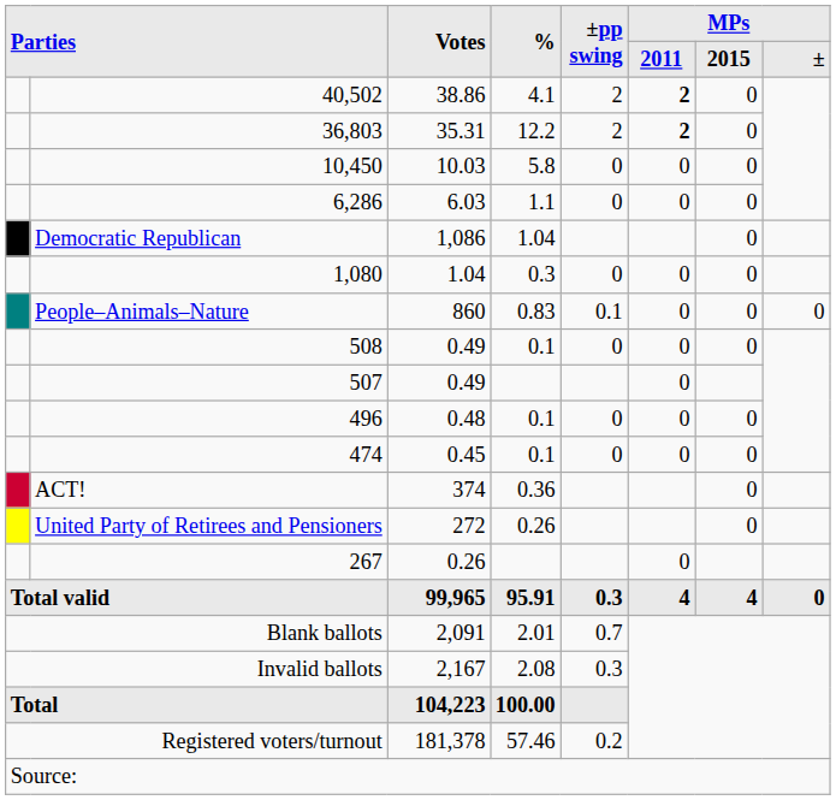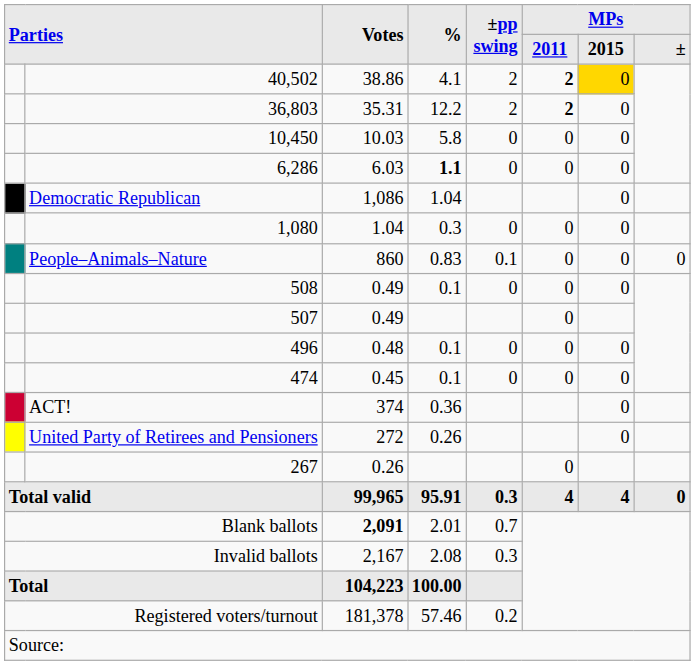 <table class="wikitable" style="text-align:right; font-size:95%;">
 <tr>
 <th rowspan="2" colspan="2" style="background:#e9e9e9; text-align:left;" alignleft><a href='#'>Parties</a></th>
 <th rowspan="2" style="background:#e9e9e9; text-align:right;">Votes</th>
 <th rowspan="2" style="background:#e9e9e9; text-align:right;">%</th>
 <th rowspan="2" style="background:#e9e9e9; text-align:right;">±<a href='#'>pp</a> <a href='#'>swing</a></th>
 <th colspan="3" style="background:#e9e9e9; text-align:center;"><a href='#'>MPs</a></th>
 </tr>
 <tr style="background-color:#E9E9E9">
 <th style="background-color:#E9E9E9;text-align:center;"><a href='#'>2011</a></th>
 <th style="background-color:#E9E9E9;text-align:center;">2015</th>
 <th style="background:#e9e9e9; text-align:right;">±</th>
 </tr>
 <tr>
 <td></td>
 <td>40,502</td>
 <td>38.86</td>
 <td>4.1</td>
 <td>2</td>
 <td><strong>2</strong></td>
-<td>0</td>
+<td style="background: gold;">0</td>
 </tr>
 <tr>
 <td> </td>
 <td>36,803</td>
 <td>35.31</td>
 <td>12.2</td>
 <td>2</td>
 <td><strong>2</strong></td>
 <td>0</td>
 </tr>
 <tr>
 <td></td>
 <td>10,450</td>
 <td>10.03</td>
 <td>5.8</td>
 <td>0</td>
 <td>0</td>
 <td>0</td>
 </tr>
 <tr>
 <td></td>
 <td>6,286</td>
 <td>6.03</td>
-<td>1.1</td>
+<td><strong>1.1</strong></td>
 <td>0</td>
 <td>0</td>
 <td>0</td>
 </tr>
 <tr>
 <td style="width: 10px" bgcolor=black align="center"></td>
 <td align=left><a href='#'>Democratic Republican</a></td>
 <td>1,086</td>
 <td>1.04</td>
 <td></td>
 <td></td>
 <td>0</td>
 <td></td>
 </tr>
 <tr>
 <td></td>
 <td>1,080</td>
 <td>1.04</td>
 <td>0.3</td>
 <td>0</td>
 <td>0</td>
 <td>0</td>
 </tr>
 <tr>
 <td style="width: 10px" bgcolor="teal" align="center"></td>
 <td align="left"><a href='#'>People–Animals–Nature</a></td>
 <td>860</td>
 <td>0.83</td>
 <td>0.1</td>
 <td>0</td>
 <td>0</td>
 <td>0</td>
 </tr>
 <tr>
 <td></td>
 <td>508</td>
 <td>0.49</td>
 <td>0.1</td>
 <td>0</td>
 <td>0</td>
 <td>0</td>
 </tr>
 <tr>
 <td></td>
 <td>507</td>
 <td>0.49</td>
 <td></td>
 <td></td>
 <td>0</td>
 <td></td>
 </tr>
 <tr>
 <td></td>
 <td>496</td>
 <td>0.48</td>
 <td>0.1</td>
 <td>0</td>
 <td>0</td>
 <td>0</td>
 </tr>
 <tr>
 <td></td>
 <td>474</td>
 <td>0.45</td>
 <td>0.1</td>
 <td>0</td>
 <td>0</td>
 <td>0</td>
 </tr>
 <tr>
 <td style="width:10px; background:#CC0033; text-align:center;"></td>
 <td style="text-align:left;">ACT! </td>
 <td>374</td>
 <td>0.36</td>
 <td></td>
 <td></td>
 <td>0</td>
 <td></td>
 </tr>
 <tr>
 <td style="width: 10px" bgcolor=yellow align="center"></td>
 <td align=left><a href='#'>United Party of Retirees and Pensioners</a></td>
 <td>272</td>
 <td>0.26</td>
 <td></td>
 <td></td>
 <td>0</td>
 <td></td>
 </tr>
 <tr>
 <td></td>
 <td>267</td>
 <td>0.26</td>
 <td></td>
 <td></td>
 <td>0</td>
 <td></td>
 </tr>
 <tr>
 <td colspan=2 align=left style="background-color:#E9E9E9"><strong>Total valid</strong></td>
 <td width="65" align="right" style="background-color:#E9E9E9"><strong>99,965</strong></td>
 <td width="40" align="right" style="background-color:#E9E9E9"><strong>95.91</strong></td>
 <td width="40" align="right" style="background-color:#E9E9E9"><strong>0.3</strong></td>
 <td width="40" align="right" style="background-color:#E9E9E9"><strong>4</strong></td>
 <td width="40" align="right" style="background-color:#E9E9E9"><strong>4</strong></td>
 <td width="40" align="right" style="background-color:#E9E9E9"><strong>0</strong></td>
 </tr>
 <tr>
 <td colspan=2>Blank ballots</td>
-<td>2,091</td>
+<td><strong>2,091</strong></td>
 <td>2.01</td>
 <td>0.7</td>
 <td colspan=4 rowspan=4></td>
 </tr>
 <tr>
 <td colspan=2>Invalid ballots</td>
 <td>2,167</td>
 <td>2.08</td>
 <td>0.3</td>
 </tr>
 <tr>
 <td colspan=2 width="259" align=left style="background-color:#E9E9E9"><strong>Total</strong></td>
 <td width="50" align="right" style="background-color:#E9E9E9"><strong>104,223</strong></td>
 <td width="40" align="right" style="background-color:#E9E9E9"><strong>100.00</strong></td>
 <td width="40" align="right" style="background-color:#E9E9E9"></td>
 </tr>
 <tr>
 <td colspan=2>Registered voters/turnout</td>
 <td>181,378</td>
 <td>57.46</td>
 <td>0.2</td>
 </tr>
 <tr>
 <td colspan=11 align=left>Source: </td>
 </tr>
 </table>
